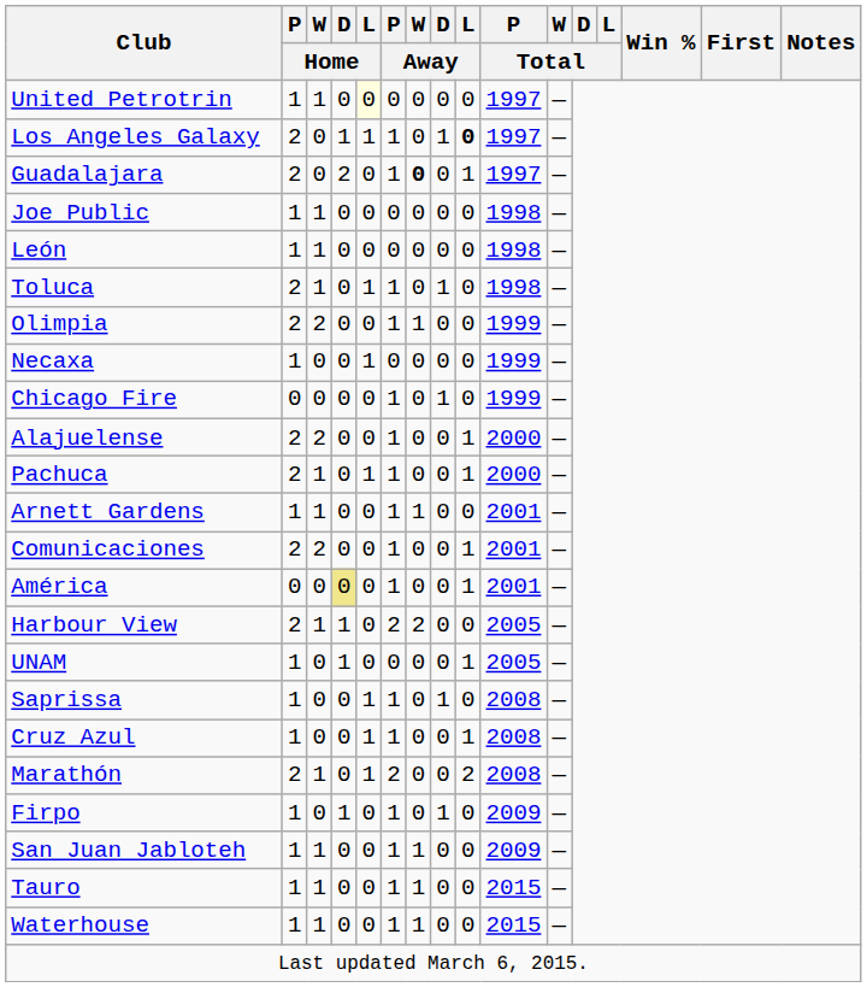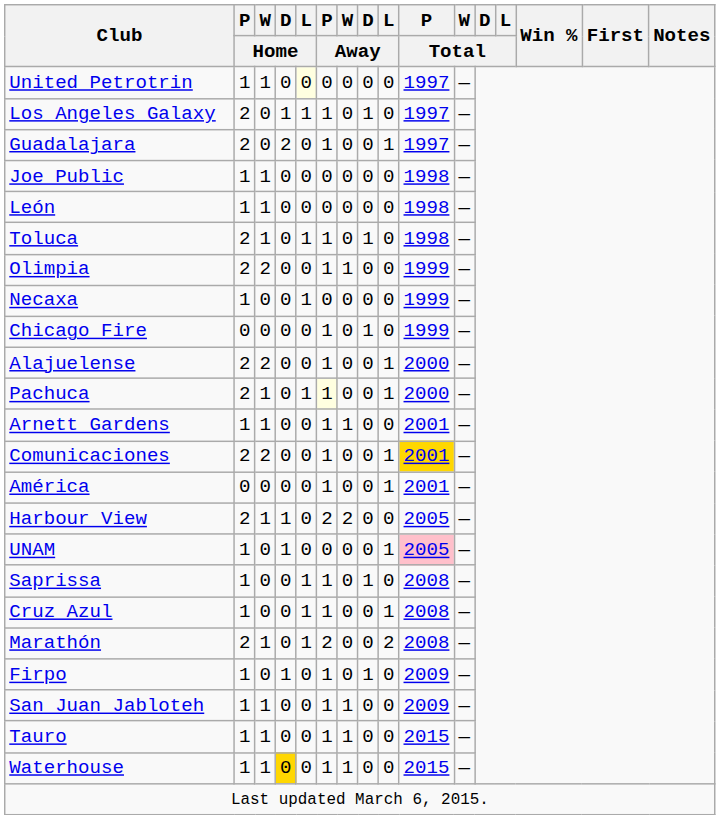 <table class="wikitable sortable" style="text-align:center;">
 <tr>
 <th style="width:150px;" rowspan="2">Club</th>
 <th>P</th>
 <th>W</th>
 <th>D</th>
 <th>L</th>
 <th>P</th>
 <th>W</th>
 <th>D</th>
 <th>L</th>
 <th>P</th>
 <th>W</th>
 <th>D</th>
 <th>L</th>
 <th rowspan="2">Win %</th>
 <th rowspan="2">First</th>
 <th class="unsortable" rowspan="2">Notes</th>
 </tr>
 <tr class="unsortable">
 <th colspan="4">Home</th>
 <th colspan="4">Away</th>
 <th colspan="4">Total</th>
 </tr>
 <tr>
 <td align="left"> <a href='#'>United Petrotrin</a></td>
 <td>1</td>
 <td>1</td>
 <td>0</td>
 <td style="background: lightyellow;">0</td>
 <td>0</td>
 <td>0</td>
 <td>0</td>
 <td>0<br></td>
 <td><a href='#'>1997</a></td>
 <td>—</td>
 </tr>
 <tr>
 <td align="left"> <a href='#'>Los Angeles Galaxy</a></td>
 <td>2</td>
 <td>0</td>
 <td>1</td>
 <td>1</td>
 <td>1</td>
 <td>0</td>
 <td>1</td>
-<td><strong>0<br></strong></td>
+<td>0<br></td>
 <td><a href='#'>1997</a></td>
 <td>—</td>
 </tr>
 <tr>
 <td align="left"> <a href='#'>Guadalajara</a></td>
 <td>2</td>
 <td>0</td>
 <td>2</td>
 <td>0</td>
 <td>1</td>
-<td><strong>0</strong></td>
+<td>0</td>
 <td>0</td>
 <td>1<br></td>
 <td><a href='#'>1997</a></td>
 <td>—</td>
 </tr>
 <tr>
 <td align="left"> <a href='#'>Joe Public</a></td>
 <td>1</td>
 <td>1</td>
 <td>0</td>
 <td>0</td>
 <td>0</td>
 <td>0</td>
 <td>0</td>
 <td>0<br></td>
 <td><a href='#'>1998</a></td>
 <td>—</td>
 </tr>
 <tr>
 <td align="left"> <a href='#'>León</a></td>
 <td>1</td>
 <td>1</td>
 <td>0</td>
 <td>0</td>
 <td>0</td>
 <td>0</td>
 <td>0</td>
 <td>0<br></td>
 <td><a href='#'>1998</a></td>
 <td>—</td>
 </tr>
 <tr>
 <td align="left"> <a href='#'>Toluca</a></td>
 <td>2</td>
 <td>1</td>
 <td>0</td>
 <td>1</td>
 <td>1</td>
 <td>0</td>
 <td>1</td>
 <td>0<br></td>
 <td><a href='#'>1998</a></td>
 <td>—</td>
 </tr>
 <tr>
 <td align="left"> <a href='#'>Olimpia</a></td>
 <td>2</td>
 <td>2</td>
 <td>0</td>
 <td>0</td>
 <td>1</td>
 <td>1</td>
 <td>0</td>
 <td>0<br></td>
 <td><a href='#'>1999</a></td>
 <td>—</td>
 </tr>
 <tr>
 <td align="left"> <a href='#'>Necaxa</a></td>
 <td>1</td>
 <td>0</td>
 <td>0</td>
 <td>1</td>
 <td>0</td>
 <td>0</td>
 <td>0</td>
 <td>0<br></td>
 <td><a href='#'>1999</a></td>
 <td>—</td>
 </tr>
 <tr>
 <td align="left"> <a href='#'>Chicago Fire</a></td>
 <td>0</td>
 <td>0</td>
 <td>0</td>
 <td>0</td>
 <td>1</td>
 <td>0</td>
 <td>1</td>
 <td>0<br></td>
 <td><a href='#'>1999</a></td>
 <td>—</td>
 </tr>
 <tr>
 <td align="left"> <a href='#'>Alajuelense</a></td>
 <td>2</td>
 <td>2</td>
 <td>0</td>
 <td>0</td>
 <td>1</td>
 <td>0</td>
 <td>0</td>
 <td>1<br></td>
 <td><a href='#'>2000</a></td>
 <td>—</td>
 </tr>
 <tr>
 <td align="left"> <a href='#'>Pachuca</a></td>
 <td>2</td>
 <td>1</td>
 <td>0</td>
 <td>1</td>
-<td>1</td>
+<td style="background: lightyellow;">1</td>
 <td>0</td>
 <td>0</td>
 <td>1<br></td>
 <td><a href='#'>2000</a></td>
 <td>—</td>
 </tr>
 <tr>
 <td align="left"> <a href='#'>Arnett Gardens</a></td>
 <td>1</td>
 <td>1</td>
 <td>0</td>
 <td>0</td>
 <td>1</td>
 <td>1</td>
 <td>0</td>
 <td>0<br></td>
 <td><a href='#'>2001</a></td>
 <td>—</td>
 </tr>
 <tr>
 <td align="left"> <a href='#'>Comunicaciones</a></td>
 <td>2</td>
 <td>2</td>
 <td>0</td>
 <td>0</td>
 <td>1</td>
 <td>0</td>
 <td>0</td>
 <td>1<br></td>
-<td><a href='#'>2001</a></td>
+<td style="background: gold;"><a href='#'>2001</a></td>
 <td>—</td>
 </tr>
 <tr>
 <td align="left"> <a href='#'>América</a></td>
 <td>0</td>
 <td>0</td>
-<td style="background: khaki;">0</td>
+<td>0</td>
 <td>0</td>
 <td>1</td>
 <td>0</td>
 <td>0</td>
 <td>1<br></td>
 <td><a href='#'>2001</a></td>
 <td>—</td>
 </tr>
 <tr>
 <td align="left"> <a href='#'>Harbour View</a></td>
 <td>2</td>
 <td>1</td>
 <td>1</td>
 <td>0</td>
 <td>2</td>
 <td>2</td>
 <td>0</td>
 <td>0<br></td>
 <td><a href='#'>2005</a></td>
 <td>—</td>
 </tr>
 <tr>
 <td align="left"> <a href='#'>UNAM</a></td>
 <td>1</td>
 <td>0</td>
 <td>1</td>
 <td>0</td>
 <td>0</td>
 <td>0</td>
 <td>0</td>
 <td>1<br></td>
-<td><a href='#'>2005</a></td>
+<td style="background: pink;"><a href='#'>2005</a></td>
 <td>—</td>
 </tr>
 <tr>
 <td align="left"> <a href='#'>Saprissa</a></td>
 <td>1</td>
 <td>0</td>
 <td>0</td>
 <td>1</td>
 <td>1</td>
 <td>0</td>
 <td>1</td>
 <td>0<br></td>
 <td><a href='#'>2008</a></td>
 <td>—</td>
 </tr>
 <tr>
 <td align="left"> <a href='#'>Cruz Azul</a></td>
 <td>1</td>
 <td>0</td>
 <td>0</td>
 <td>1</td>
 <td>1</td>
 <td>0</td>
 <td>0</td>
 <td>1<br></td>
 <td><a href='#'>2008</a></td>
 <td>—</td>
 </tr>
 <tr>
 <td align="left"> <a href='#'>Marathón</a></td>
 <td>2</td>
 <td>1</td>
 <td>0</td>
 <td>1</td>
 <td>2</td>
 <td>0</td>
 <td>0</td>
 <td>2<br></td>
 <td><a href='#'>2008</a></td>
 <td>—</td>
 </tr>
 <tr>
 <td align="left"> <a href='#'>Firpo</a></td>
 <td>1</td>
 <td>0</td>
 <td>1</td>
 <td>0</td>
 <td>1</td>
 <td>0</td>
 <td>1</td>
 <td>0<br></td>
 <td><a href='#'>2009</a></td>
 <td>—</td>
 </tr>
 <tr>
 <td align="left"> <a href='#'>San Juan Jabloteh</a></td>
 <td>1</td>
 <td>1</td>
 <td>0</td>
 <td>0</td>
 <td>1</td>
 <td>1</td>
 <td>0</td>
 <td>0<br></td>
 <td><a href='#'>2009</a></td>
 <td>—</td>
 </tr>
 <tr>
 <td align="left"> <a href='#'>Tauro</a></td>
 <td>1</td>
 <td>1</td>
 <td>0</td>
 <td>0</td>
 <td>1</td>
 <td>1</td>
 <td>0</td>
 <td>0<br></td>
 <td><a href='#'>2015</a></td>
 <td>—</td>
 </tr>
 <tr>
 <td align="left"> <a href='#'>Waterhouse</a></td>
 <td>1</td>
 <td>1</td>
-<td>0</td>
+<td style="background: gold;">0</td>
 <td>0</td>
 <td>1</td>
 <td>1</td>
 <td>0</td>
 <td>0<br></td>
 <td><a href='#'>2015</a></td>
 <td>—</td>
 </tr>
 <tr>
 <td class="unsortable" colspan="16"><small>Last updated March 6, 2015.</small></td>
 </tr>
 </table>
